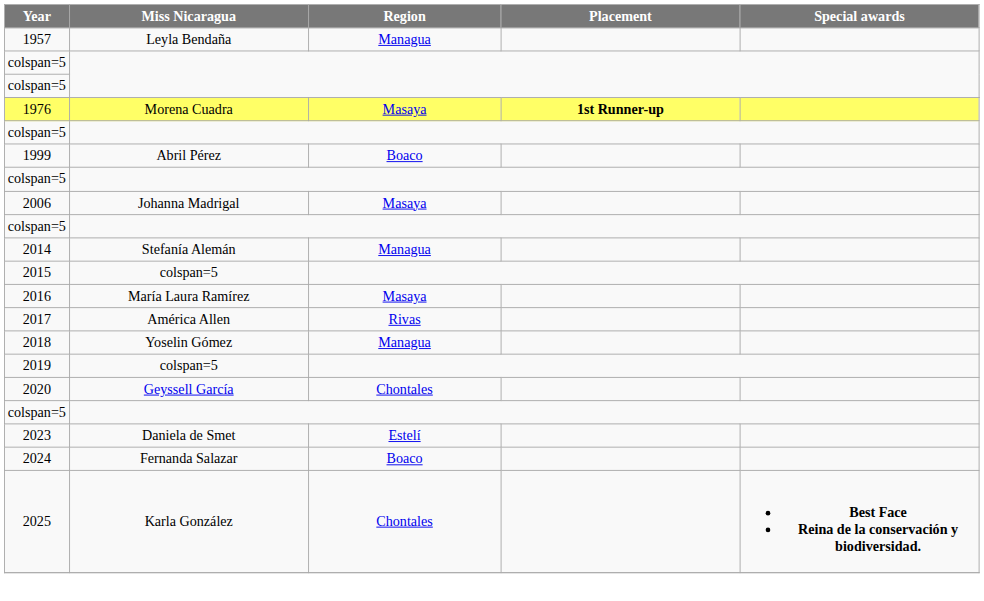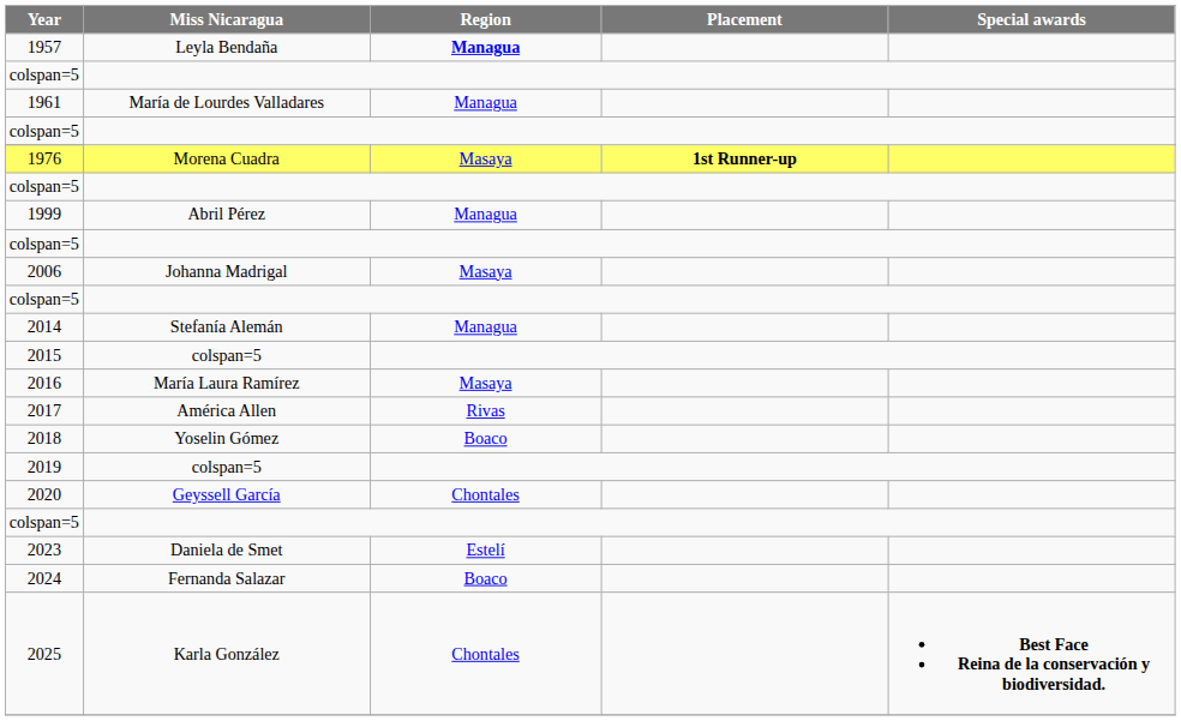 <table class="wikitable sortable" style="font-size: 95%; text-align:center">
 <tr>
 <th width="60" style="background-color:#787878;color:#FFFFFF;">Year</th>
 <th width="250" style="background-color:#787878;color:#FFFFFF;">Miss Nicaragua</th>
 <th width="200" style="background-color:#787878;color:#FFFFFF;">Region</th>
 <th width="250" style="background-color:#787878;color:#FFFFFF;">Placement</th>
 <th width="250" style="background-color:#787878;color:#FFFFFF;">Special awards</th>
 </tr>
 <tr>
 <td>1957</td>
 <td>Leyla Bendaña</td>
-<td><a href='#'>Managua</a></td>
+<td><strong><a href='#'>Managua</a></strong></td>
 <td></td>
 <td></td>
 </tr>
 <tr>
 <td>colspan=5 </td>
+</tr>
+<tr>
+<td>1961</td>
+<td>María de Lourdes Valladares</td>
+<td><a href='#'>Managua</a></td>
+<td></td>
+<td></td>
 </tr>
 <tr>
 <td>colspan=5 </td>
 </tr>
 <tr>
 </tr>
 <tr style="background-color:#FFFF66">
 <td>1976</td>
 <td>Morena Cuadra</td>
 <td><a href='#'>Masaya</a></td>
 <td><strong>1st Runner-up</strong></td>
 <td></td>
 </tr>
 <tr>
 <td>colspan=5 </td>
 </tr>
 <tr>
 <td>1999</td>
 <td>Abril Pérez</td>
-<td><a href='#'>Boaco</a></td>
+<td><a href='#'>Managua</a></td>
 <td></td>
 <td></td>
 </tr>
 <tr>
 <td>colspan=5 </td>
 </tr>
 <tr>
 <td>2006</td>
 <td>Johanna Madrigal</td>
 <td><a href='#'>Masaya</a></td>
 <td></td>
 <td></td>
 </tr>
 <tr>
 <td>colspan=5 </td>
 </tr>
 <tr>
 <td>2014</td>
 <td>Stefanía Alemán</td>
 <td><a href='#'>Managua</a></td>
 <td></td>
 <td></td>
 </tr>
 <tr>
 <td>2015</td>
 <td>colspan=5 </td>
 </tr>
 <tr>
 <td>2016</td>
 <td>María Laura Ramírez</td>
 <td><a href='#'>Masaya</a></td>
 <td></td>
 <td></td>
 </tr>
 <tr>
 <td>2017</td>
 <td>América Allen</td>
 <td><a href='#'>Rivas</a></td>
 <td></td>
 <td></td>
 </tr>
 <tr>
 <td>2018</td>
 <td>Yoselin Gómez</td>
-<td><a href='#'>Managua</a></td>
+<td><a href='#'>Boaco</a></td>
 <td></td>
 <td></td>
 </tr>
 <tr>
 <td>2019</td>
 <td>colspan=5 </td>
 </tr>
 <tr>
 <td>2020</td>
 <td><a href='#'>Geyssell García</a></td>
 <td><a href='#'>Chontales</a></td>
 <td></td>
 <td></td>
 </tr>
 <tr>
 <td>colspan=5 </td>
 </tr>
 <tr>
 <td>2023</td>
 <td>Daniela de Smet</td>
 <td><a href='#'>Estelí</a></td>
 <td></td>
 <td></td>
 </tr>
 <tr>
 <td>2024</td>
 <td>Fernanda Salazar</td>
 <td><a href='#'>Boaco</a></td>
 <td></td>
 <td></td>
 </tr>
 <tr>
 <td>2025</td>
 <td>Karla González</td>
 <td><a href='#'>Chontales</a></td>
 <td></td>
 <td><strong><br><ul><li>Best Face</li><li>Reina de la conservación y biodiversidad.</li></ul></strong></td>
 </tr>
 <tr>
 </tr>
 </table>
